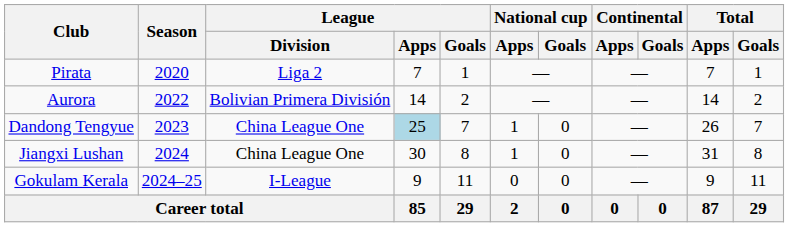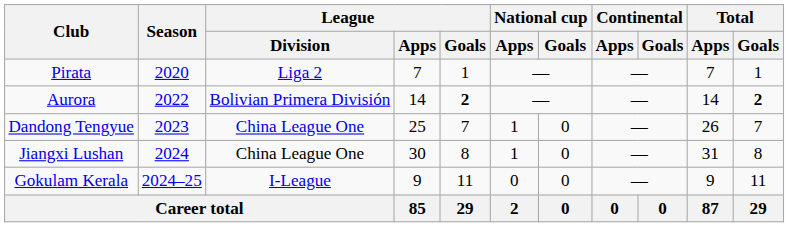 <table class=wikitable style="text-align: center;">
 <tr>
 <th rowspan="2">Club</th>
 <th rowspan="2">Season</th>
 <th colspan="3">League</th>
 <th colspan="2">National cup</th>
 <th colspan="2">Continental</th>
 <th colspan="2">Total</th>
 </tr>
 <tr>
 <th>Division</th>
 <th>Apps</th>
 <th>Goals</th>
 <th>Apps</th>
 <th>Goals</th>
 <th>Apps</th>
 <th>Goals</th>
 <th>Apps</th>
 <th>Goals</th>
 </tr>
 <tr>
 <td><a href='#'>Pirata</a></td>
 <td><a href='#'>2020</a></td>
 <td><a href='#'>Liga 2</a></td>
 <td>7</td>
 <td>1</td>
 <td colspan="2">—</td>
 <td colspan="2">—</td>
 <td>7</td>
 <td>1</td>
 </tr>
 <tr>
 <td><a href='#'>Aurora</a></td>
 <td><a href='#'>2022</a></td>
 <td><a href='#'>Bolivian Primera División</a></td>
 <td>14</td>
-<td>2</td>
+<td><strong>2</strong></td>
 <td colspan="2">—</td>
 <td colspan="2">—</td>
 <td>14</td>
-<td>2</td>
+<td><strong>2</strong></td>
 </tr>
 <tr>
 <td><a href='#'>Dandong Tengyue</a></td>
 <td><a href='#'>2023</a></td>
 <td><a href='#'>China League One</a></td>
-<td style="background: lightblue;">25</td>
+<td>25</td>
 <td>7</td>
 <td>1</td>
 <td>0</td>
 <td colspan="2">—</td>
 <td>26</td>
 <td>7</td>
 </tr>
 <tr>
 <td><a href='#'>Jiangxi Lushan</a></td>
 <td><a href='#'>2024</a></td>
 <td>China League One</td>
 <td>30</td>
 <td>8</td>
 <td>1</td>
 <td>0</td>
 <td colspan="2">—</td>
 <td>31</td>
 <td>8</td>
 </tr>
 <tr>
 <td><a href='#'>Gokulam Kerala</a></td>
 <td><a href='#'>2024–25</a></td>
 <td><a href='#'>I-League</a></td>
 <td>9</td>
 <td>11</td>
 <td>0</td>
 <td>0</td>
 <td colspan="2">—</td>
 <td>9</td>
 <td>11</td>
 </tr>
 <tr>
 <th colspan="3">Career total</th>
 <th>85</th>
 <th>29</th>
 <th>2</th>
 <th>0</th>
 <th>0</th>
 <th>0</th>
 <th>87</th>
 <th>29</th>
 </tr>
 </table>
